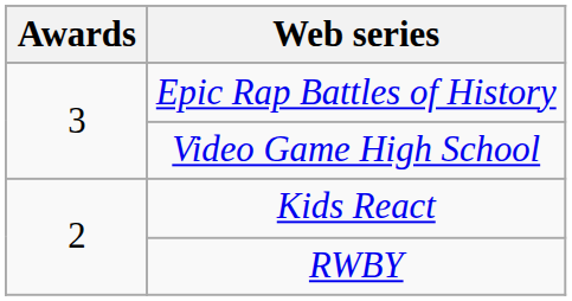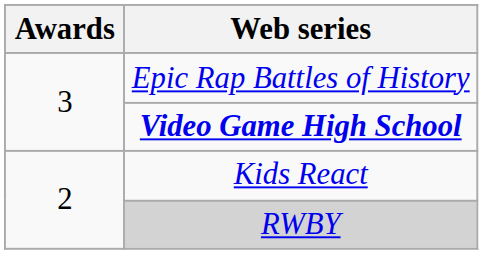 <table class="wikitable plainrowheaders" style="text-align:center;">
 <tr>
 <th scope="col" style="width:55px;">Awards</th>
 <th scope="col" style="text-align:center;">Web series</th>
 </tr>
 <tr>
 <td rowspan="2">3</td>
 <td><em><a href='#'>Epic Rap Battles of History</a></em></td>
 </tr>
 <tr>
-<td><em><a href='#'>Video Game High School</a></em></td>
+<td><strong><em><a href='#'>Video Game High School</a></em></strong></td>
 </tr>
 <tr>
 <td rowspan="2">2</td>
 <td><em><a href='#'>Kids React</a></em></td>
 </tr>
 <tr>
-<td><em><a href='#'>RWBY</a></em></td>
+<td style="background: lightgrey;"><em><a href='#'>RWBY</a></em></td>
 </tr>
 </table>
